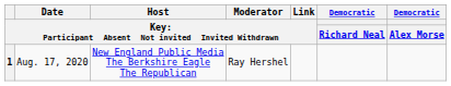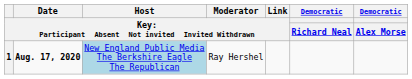 <table class="wikitable" style="text-align:center;">
 <tr>
 <th scope="col"></th>
 <th scope="col">Date</th>
 <th scope="col">Host</th>
 <th scope="col">Moderator</th>
 <th scope="col">Link</th>
 <th scope="col"><small><a href='#'>Democratic</a></small></th>
 <th scope="col"><small><a href='#'>Democratic</a></small></th>
 </tr>
 <tr>
 <th colspan="5" rowspan="2">Key:<br> <small>Participant </small>  <small>Absent </small>  <small>Not invited </small>  <small>Invited  Withdrawn</small></th>
 <th scope="col" style="background:"></th>
 <th scope="col" style="background:"></th>
 </tr>
 <tr>
 <th scope="col"><a href='#'>Richard Neal</a></th>
 <th scope="col"><a href='#'>Alex Morse</a></th>
 </tr>
 <tr>
 <th>1</th>
-<td style="white-space:nowrap;">Aug. 17, 2020</td>
-<td style="white-space:nowrap;"><a href='#'>New England Public Media</a><br><a href='#'>The Berkshire Eagle</a><br><a href='#'>The Republican</a></td>
+<td style="white-space:nowrap;"><strong>Aug. 17, 2020</strong></td>
+<td style="background: lightblue; white-space:nowrap;"><a href='#'>New England Public Media</a><br><a href='#'>The Berkshire Eagle</a><br><a href='#'>The Republican</a></td>
 <td style="white-space:nowrap;">Ray Hershel</td>
 <td style="white-space:nowrap;"></td>
 <td></td>
 <td></td>
 </tr>
 </table>
